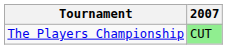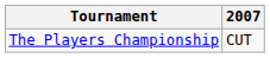 <table class="wikitable" style="font-size:95%;">
 <tr>
 <th>Tournament</th>
 <th>2007</th>
 </tr>
 <tr>
 <td><a href='#'>The Players Championship</a></td>
-<td style="background: lightgreen;">CUT</td>
+<td>CUT</td>
 </tr>
 </table>
